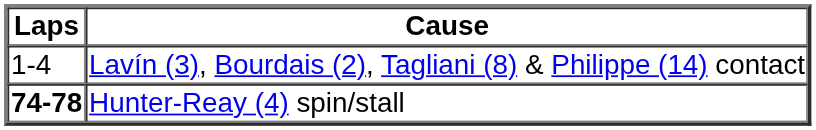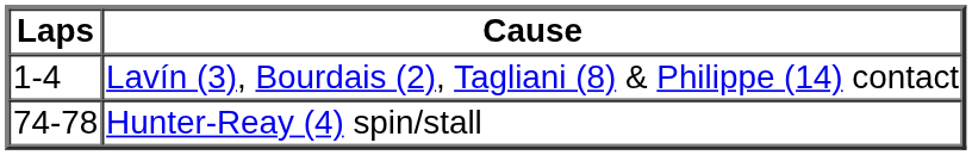 <table border=2 cellspacing=0>
 <tr>
 <th>Laps</th>
 <th>Cause</th>
 </tr>
 <tr>
 <td>1-4</td>
 <td><a href='#'>Lavín (3)</a>, <a href='#'>Bourdais (2)</a>, <a href='#'>Tagliani (8)</a> & <a href='#'>Philippe (14)</a> contact</td>
 </tr>
 <tr>
-<td><strong>74-78</strong></td>
+<td>74-78</td>
 <td><a href='#'>Hunter-Reay (4)</a> spin/stall</td>
 </tr>
 </table>
